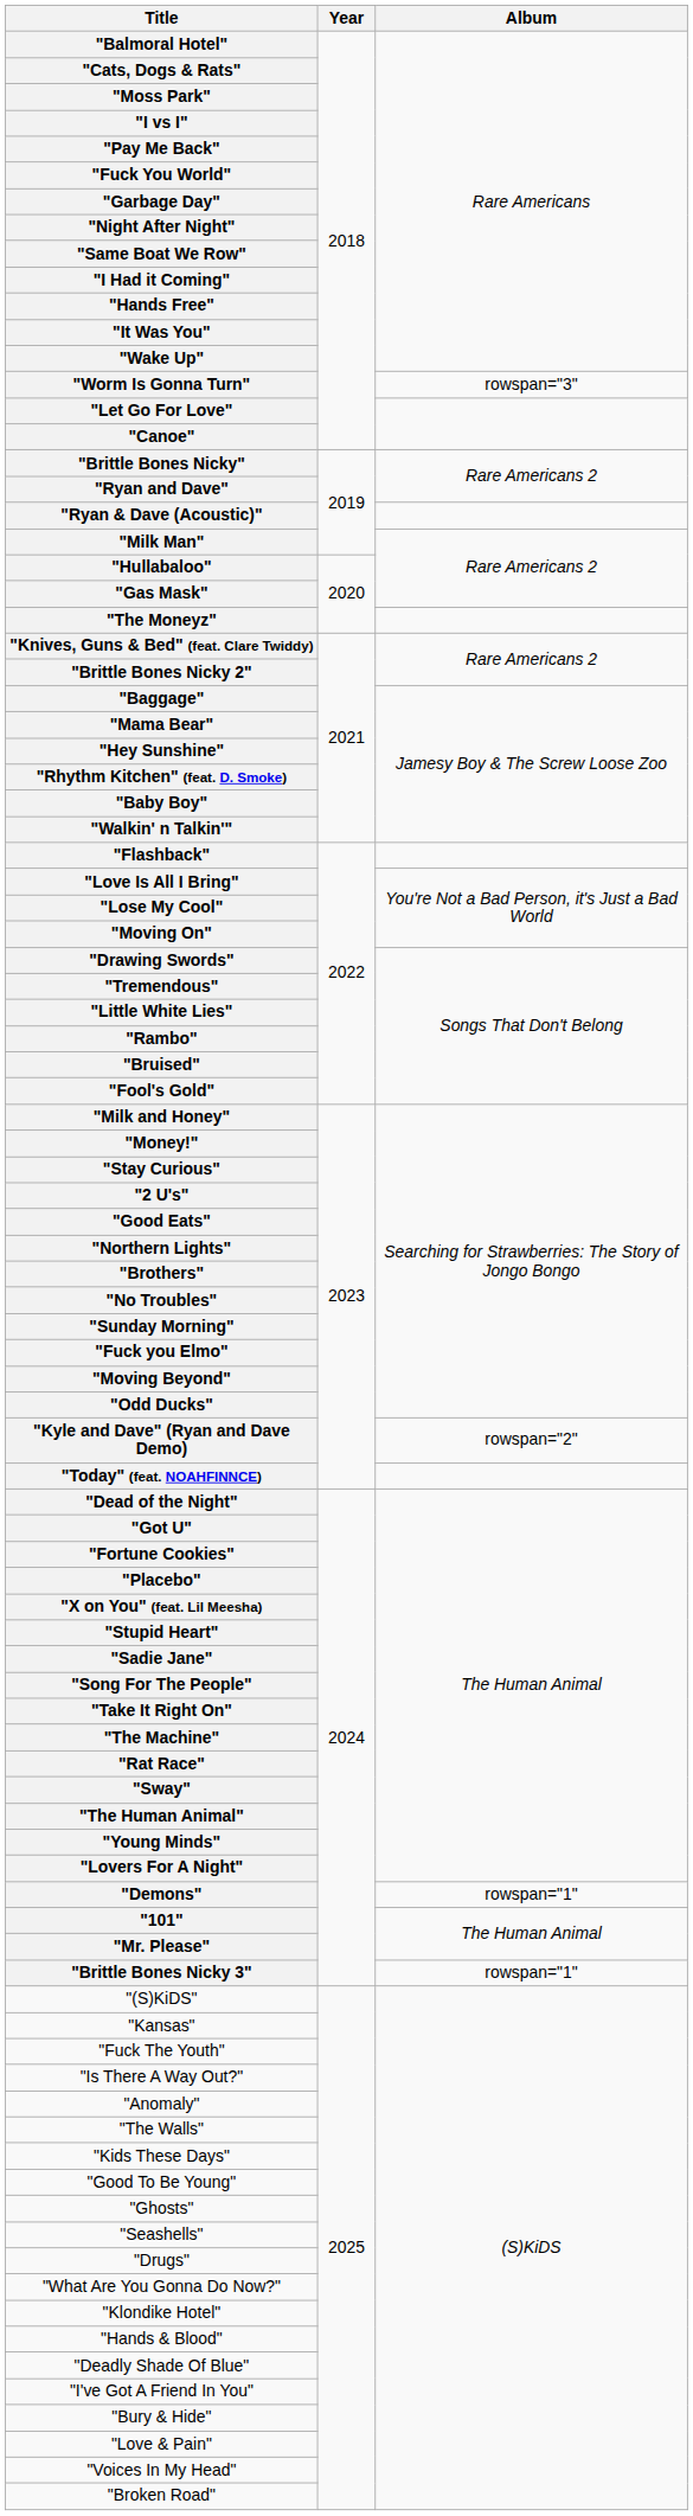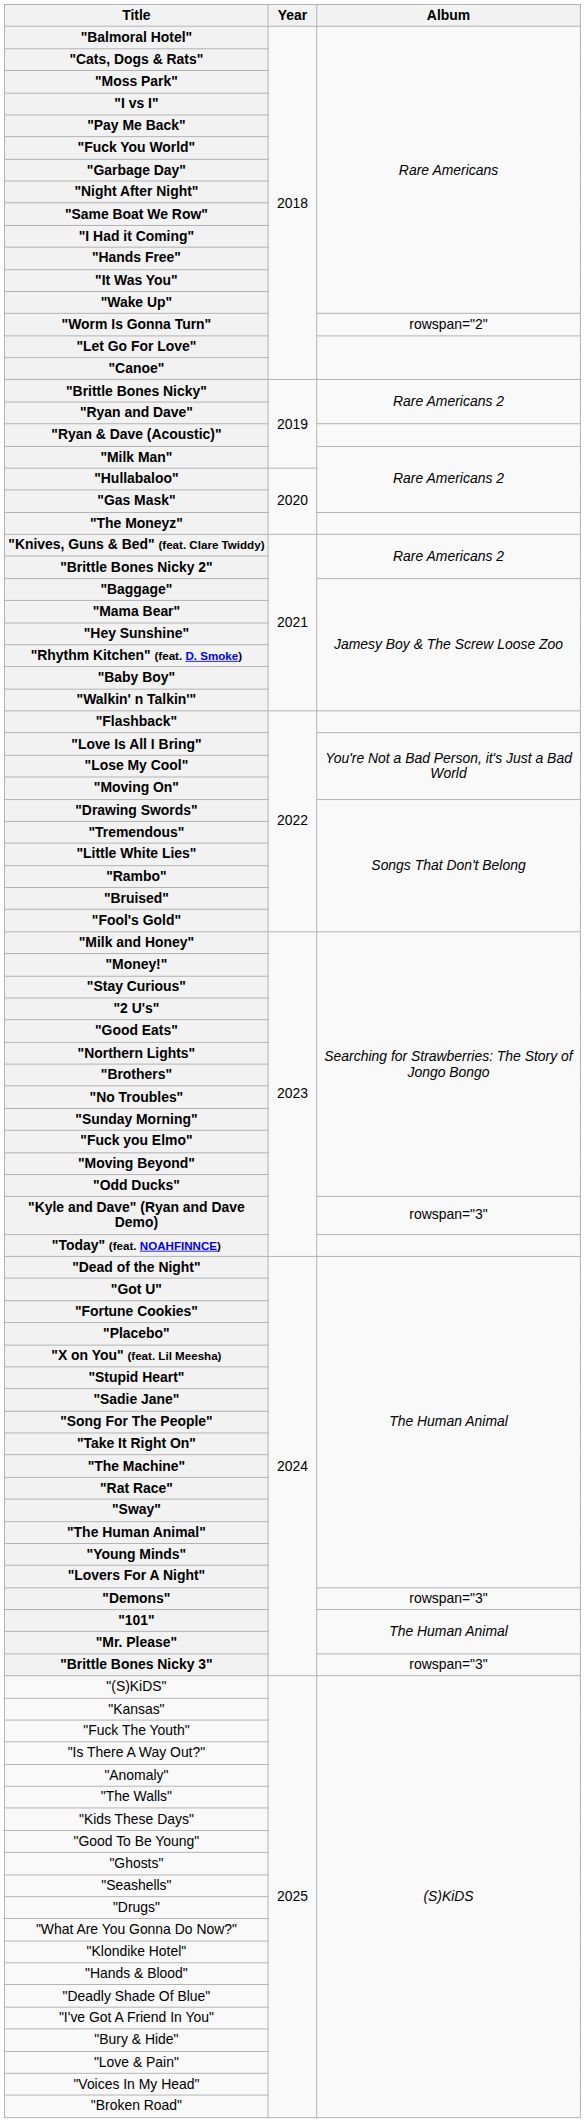 <table class="wikitable plainrowheaders" style="text-align:center;">
 <tr>
 <th scope="col" style="width:18.5em;">Title</th>
 <th scope="col" style="width:3em;">Year</th>
 <th scope="col" style="width:18.5em;">Album</th>
 </tr>
 <tr>
 <th scope="row">"Balmoral Hotel"</th>
 <td rowspan="16">2018</td>
 <td rowspan="13"><em>Rare Americans</em></td>
 </tr>
 <tr>
 <th scope="row">"Cats, Dogs & Rats"</th>
 </tr>
 <tr>
 <th scope="row">"Moss Park"</th>
 </tr>
 <tr>
 <th scope="row">"I vs I"</th>
 </tr>
 <tr>
 <th scope="row">"Pay Me Back"</th>
 </tr>
 <tr>
 <th scope="row">"Fuck You World"</th>
 </tr>
 <tr>
 <th scope="row">"Garbage Day"</th>
 </tr>
 <tr>
 <th scope="row">"Night After Night"</th>
 </tr>
 <tr>
 <th scope="row">"Same Boat We Row"</th>
 </tr>
 <tr>
 <th scope="row">"I Had it Coming"</th>
 </tr>
 <tr>
 <th scope="row">"Hands Free"</th>
 </tr>
 <tr>
 <th scope="row">"It Was You"</th>
 </tr>
 <tr>
 <th scope="row">"Wake Up"</th>
 </tr>
 <tr>
 <th scope="row">"Worm Is Gonna Turn"</th>
-<td>rowspan="3"  </td>
+<td>rowspan="2"  </td>
 </tr>
 <tr>
 <th scope="row">"Let Go For Love"</th>
 </tr>
 <tr>
 <th scope="row">"Canoe"</th>
 </tr>
 <tr>
 <th scope="row">"Brittle Bones Nicky"</th>
 <td rowspan="4">2019</td>
 <td rowspan="2"><em>Rare Americans 2</em></td>
 </tr>
 <tr>
 <th scope="row">"Ryan and Dave"</th>
 </tr>
 <tr>
 <th scope="row">"Ryan & Dave (Acoustic)"</th>
 <td></td>
 </tr>
 <tr>
 <th scope="row">"Milk Man"</th>
 <td rowspan="3"><em>Rare Americans 2</em></td>
 </tr>
 <tr>
 <th scope="row">"Hullabaloo"</th>
 <td rowspan="3">2020</td>
 </tr>
 <tr>
 <th scope="row">"Gas Mask"</th>
 </tr>
 <tr>
 <th scope="row">"The Moneyz"</th>
 <td></td>
 </tr>
 <tr>
 <th scope="row">"Knives, Guns & Bed" <small>(feat. Clare Twiddy)</small></th>
 <td rowspan="8">2021</td>
 <td rowspan="2"><em>Rare Americans 2</em></td>
 </tr>
 <tr>
 <th scope="row">"Brittle Bones Nicky 2"</th>
 </tr>
 <tr>
 <th scope="row">"Baggage"</th>
 <td rowspan="6"><em>Jamesy Boy & The Screw Loose Zoo</em></td>
 </tr>
 <tr>
 <th scope="row">"Mama Bear"</th>
 </tr>
 <tr>
 <th scope="row">"Hey Sunshine"</th>
 </tr>
 <tr>
 <th scope="row">"Rhythm Kitchen" <small>(feat. <a href='#'>D. Smoke</a>)</small></th>
 </tr>
 <tr>
 <th scope="row">"Baby Boy"</th>
 </tr>
 <tr>
 <th scope="row">"Walkin' n Talkin'"</th>
 </tr>
 <tr>
 <th scope="row">"Flashback"</th>
 <td rowspan="10">2022</td>
 <td></td>
 </tr>
 <tr>
 <th scope="row">"Love Is All I Bring"</th>
 <td rowspan="3"><em>You're Not a Bad Person, it's Just a Bad World</em></td>
 </tr>
 <tr>
 <th scope="row">"Lose My Cool"</th>
 </tr>
 <tr>
 <th scope="row">"Moving On"</th>
 </tr>
 <tr>
 <th scope="row">"Drawing Swords"</th>
 <td rowspan="6"><em>Songs That Don't Belong</em></td>
 </tr>
 <tr>
 <th scope="row">"Tremendous"</th>
 </tr>
 <tr>
 <th scope="row">"Little White Lies"</th>
 </tr>
 <tr>
 <th scope="row">"Rambo"</th>
 </tr>
 <tr>
 <th scope="row">"Bruised"</th>
 </tr>
 <tr>
 <th scope="row">"Fool's Gold"</th>
 </tr>
 <tr>
 <th scope="row">"Milk and Honey"</th>
 <td rowspan="14">2023</td>
 <td rowspan="12"><em>Searching for Strawberries: The Story of Jongo Bongo</em></td>
 </tr>
 <tr>
 <th scope="row">"Money!"</th>
 </tr>
 <tr>
 <th scope="row">"Stay Curious"</th>
 </tr>
 <tr>
 <th scope="row">"2 U's"</th>
 </tr>
 <tr>
 <th scope="row">"Good Eats"</th>
 </tr>
 <tr>
 <th scope="row">"Northern Lights"</th>
 </tr>
 <tr>
 <th scope="row">"Brothers"</th>
 </tr>
 <tr>
 <th scope="row">"No Troubles"</th>
 </tr>
 <tr>
 <th scope="row">"Sunday Morning"</th>
 </tr>
 <tr>
 <th scope="row">"Fuck you Elmo"</th>
 </tr>
 <tr>
 <th scope="row">"Moving Beyond"</th>
 </tr>
 <tr>
 <th scope="row">"Odd Ducks"</th>
 </tr>
 <tr>
 <th scope="row">"Kyle and Dave" (Ryan and Dave Demo)</th>
-<td>rowspan="2"  </td>
+<td>rowspan="3"  </td>
 </tr>
 <tr>
 <th scope="row">"Today" <small>(feat. <a href='#'>NOAHFINNCE</a>)</small></th>
 </tr>
 <tr>
 <th scope="row">"Dead of the Night"</th>
 <td rowspan="19">2024</td>
 <td rowspan="15" {{><em>The Human Animal</em></td>
 </tr>
 <tr>
 <th scope="row">"Got U"</th>
 </tr>
 <tr>
 <th scope="row">"Fortune Cookies"</th>
 </tr>
 <tr>
 <th scope="row">"Placebo"</th>
 </tr>
 <tr>
 <th scope="row">"X on You" <small>(feat. Lil Meesha)</small></th>
 </tr>
 <tr>
 <th scope="row">"Stupid Heart"</th>
 </tr>
 <tr>
 <th scope="row">"Sadie Jane"</th>
 </tr>
 <tr>
 <th scope="row">"Song For The People"</th>
 </tr>
 <tr>
 <th scope="row">"Take It Right On"</th>
 </tr>
 <tr>
 <th scope="row">"The Machine"</th>
 </tr>
 <tr>
 <th scope="row">"Rat Race"</th>
 </tr>
 <tr>
 <th scope="row">"Sway"</th>
 </tr>
 <tr>
 <th scope="row">"The Human  Animal"</th>
 </tr>
 <tr>
 <th scope="row">"Young Minds"</th>
 </tr>
 <tr>
 <th scope="row">"Lovers For A Night"</th>
 </tr>
 <tr>
 <th scope="row">"Demons"</th>
-<td>rowspan="1"  </td>
+<td>rowspan="3"  </td>
 </tr>
 <tr>
 <th scope="row">"101"</th>
 <td rowspan="2"  {{><em>The Human Animal</em></td>
 </tr>
 <tr>
 <th scope="row">"Mr. Please"</th>
 </tr>
 <tr>
 <th scope="row">"Brittle Bones Nicky 3"</th>
-<td>rowspan="1" </td>
+<td>rowspan="3"  </td>
 </tr>
 <tr>
 <td>"(S)KiDS"</td>
 <td rowspan="20">2025</td>
 <td rowspan="20"><em>(S)KiDS</em></td>
 </tr>
 <tr>
 <td>"Kansas"</td>
 </tr>
 <tr>
 <td>"Fuck The Youth"</td>
 </tr>
 <tr>
 <td>"Is There A Way Out?"</td>
 </tr>
 <tr>
 <td>"Anomaly"</td>
 </tr>
 <tr>
 <td>"The Walls"</td>
 </tr>
 <tr>
 <td>"Kids These Days"</td>
 </tr>
 <tr>
 <td>"Good To Be Young"</td>
 </tr>
 <tr>
 <td>"Ghosts"</td>
 </tr>
 <tr>
 <td>"Seashells"</td>
 </tr>
 <tr>
 <td>"Drugs"</td>
 </tr>
 <tr>
 <td>"What Are You Gonna Do Now?"</td>
 </tr>
 <tr>
 <td>"Klondike Hotel"</td>
 </tr>
 <tr>
 <td>"Hands & Blood"</td>
 </tr>
 <tr>
 <td>"Deadly Shade Of Blue"</td>
 </tr>
 <tr>
 <td>"I've Got A Friend In You"</td>
 </tr>
 <tr>
 <td>"Bury & Hide"</td>
 </tr>
 <tr>
 <td>"Love & Pain"</td>
 </tr>
 <tr>
 <td>"Voices In My Head"</td>
 </tr>
 <tr>
 <td>"Broken Road"</td>
 </tr>
 </table>
